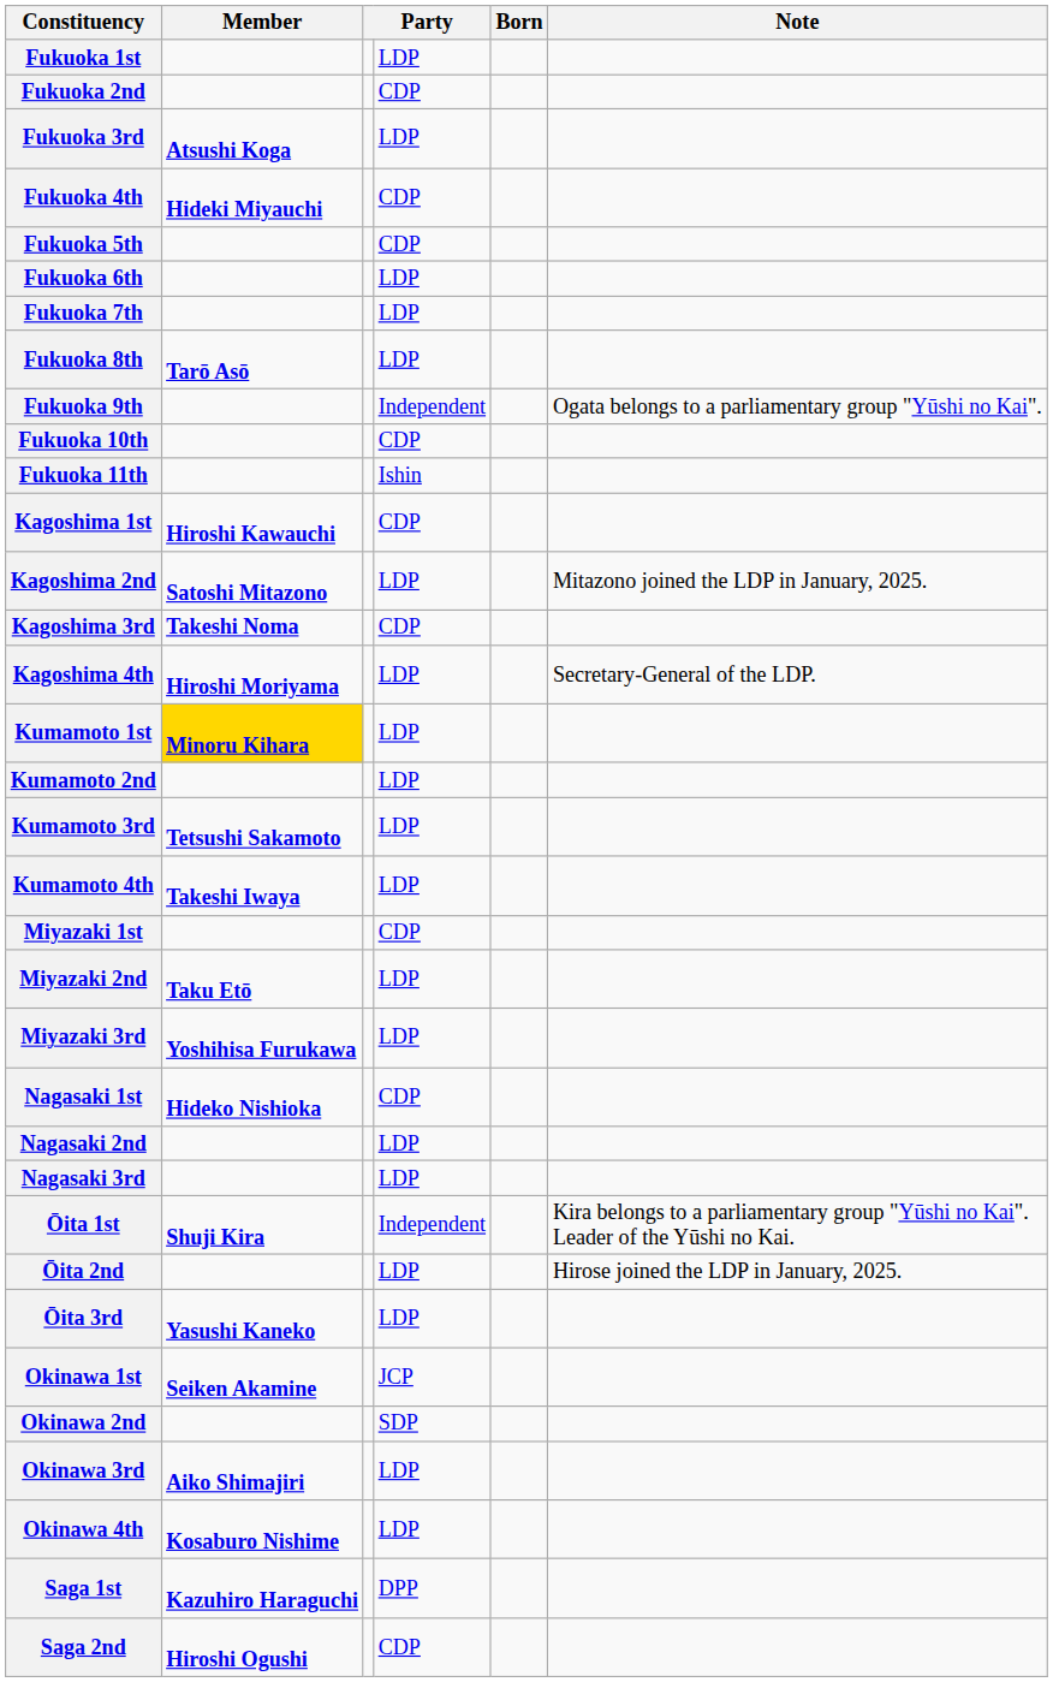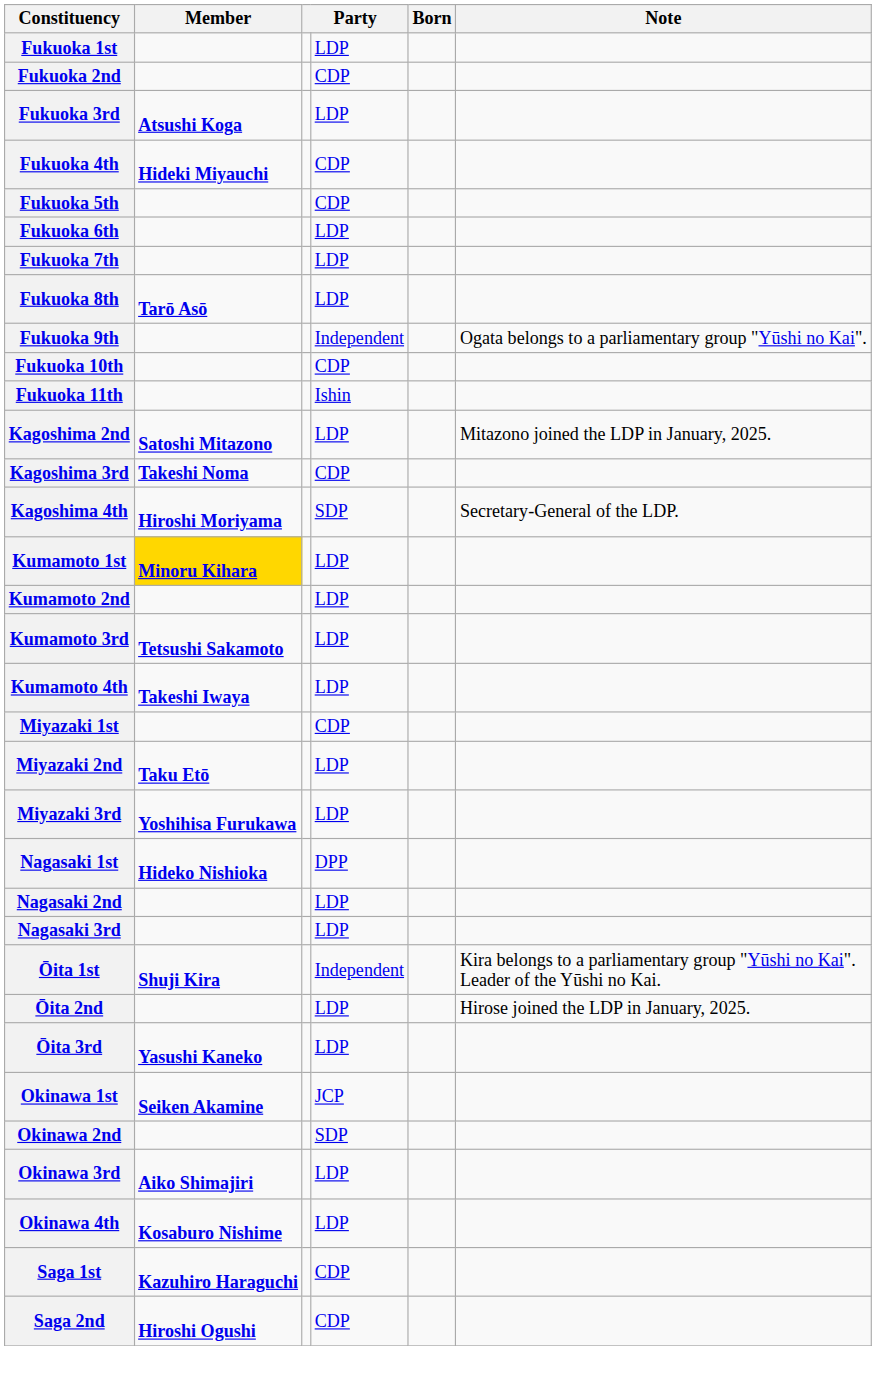 <table class="wikitable sortable plainrowheaders" id="votingmembers">
 <tr style="vertical-align:bottom">
 <th>Constituency</th>
 <th>Member</th>
 <th colspan=2>Party</th>
 <th>Born</th>
 <th>Note</th>
 </tr>
 <tr>
 <th><a href='#'>Fukuoka 1st</a></th>
 <td><br><strong></strong></td>
 <td style="background-color:"></td>
 <td><a href='#'>LDP</a></td>
 <td></td>
 <td></td>
 </tr>
 <tr>
 <th><a href='#'>Fukuoka 2nd</a></th>
 <td><br><strong></strong></td>
 <td style="background-color:"></td>
 <td><a href='#'>CDP</a></td>
 <td></td>
 <td></td>
 </tr>
 <tr>
 <th><a href='#'>Fukuoka 3rd</a></th>
 <td><br><strong><a href='#'>Atsushi Koga</a></strong></td>
 <td style="background-color:"></td>
 <td><a href='#'>LDP</a></td>
 <td></td>
 <td></td>
 </tr>
 <tr>
 <th><a href='#'>Fukuoka 4th</a></th>
 <td><br><strong><a href='#'>Hideki Miyauchi</a></strong></td>
 <td style="background-color:"></td>
 <td><a href='#'>CDP</a></td>
 <td></td>
 <td></td>
 </tr>
 <tr>
 <th><a href='#'>Fukuoka 5th</a></th>
 <td><strong></strong></td>
 <td style="background-color:"></td>
 <td><a href='#'>CDP</a></td>
 <td></td>
 <td></td>
 </tr>
 <tr>
 <th><a href='#'>Fukuoka 6th</a></th>
 <td><br><strong></strong></td>
 <td style="background-color:"></td>
 <td><a href='#'>LDP</a></td>
 <td></td>
 <td></td>
 </tr>
 <tr>
 <th><a href='#'>Fukuoka 7th</a></th>
 <td><br><strong></strong></td>
 <td style="background-color:"></td>
 <td><a href='#'>LDP</a></td>
 <td></td>
 <td></td>
 </tr>
 <tr>
 <th><a href='#'>Fukuoka 8th</a></th>
 <td><br><strong><a href='#'>Tarō Asō</a></strong></td>
 <td style="background-color:"></td>
 <td><a href='#'>LDP</a></td>
 <td></td>
 <td></td>
 </tr>
 <tr>
 <th><a href='#'>Fukuoka 9th</a></th>
 <td><strong></strong></td>
 <td style="background-color:"></td>
 <td><a href='#'>Independent</a></td>
 <td></td>
 <td>Ogata belongs to a parliamentary group "<a href='#'>Yūshi no Kai</a>".</td>
 </tr>
 <tr>
 <th><a href='#'>Fukuoka 10th</a></th>
 <td><br><strong></strong></td>
 <td style="background-color:"></td>
 <td><a href='#'>CDP</a></td>
 <td></td>
 <td></td>
 </tr>
 <tr>
 <th><a href='#'>Fukuoka 11th</a></th>
 <td><strong></strong></td>
 <td style="background-color:"></td>
 <td><a href='#'>Ishin</a></td>
 <td></td>
 <td></td>
 </tr>
 <tr>
-<th><a href='#'>Kagoshima 1st</a></th>
-<td><br><strong><a href='#'>Hiroshi Kawauchi</a></strong></td>
-<td style="background-color:"></td>
-<td><a href='#'>CDP</a></td>
-<td></td>
-<td></td>
-</tr>
-<tr>
 <th><a href='#'>Kagoshima 2nd</a></th>
 <td><br><strong><a href='#'>Satoshi Mitazono</a></strong></td>
 <td style="background-color:"></td>
 <td><a href='#'>LDP</a></td>
 <td></td>
 <td>Mitazono joined the LDP in January, 2025.</td>
 </tr>
 <tr>
 <th><a href='#'>Kagoshima 3rd</a></th>
 <td><strong><a href='#'>Takeshi Noma</a></strong></td>
 <td style="background-color:"></td>
 <td><a href='#'>CDP</a></td>
 <td></td>
 <td></td>
 </tr>
 <tr>
 <th><a href='#'>Kagoshima 4th</a></th>
 <td><br><strong><a href='#'>Hiroshi Moriyama</a></strong></td>
 <td style="background-color:"></td>
-<td><a href='#'>LDP</a></td>
+<td><a href='#'>SDP</a></td>
 <td></td>
 <td>Secretary-General of the LDP.</td>
 </tr>
 <tr>
 <th><a href='#'>Kumamoto 1st</a></th>
 <td style="background: gold;"><br><strong><a href='#'>Minoru Kihara</a></strong></td>
 <td style="background-color:"></td>
 <td><a href='#'>LDP</a></td>
 <td></td>
 <td></td>
 </tr>
 <tr>
 <th><a href='#'>Kumamoto 2nd</a></th>
 <td><br><strong></strong></td>
 <td style="background-color:"></td>
 <td><a href='#'>LDP</a></td>
 <td></td>
 <td></td>
 </tr>
 <tr>
 <th><a href='#'>Kumamoto 3rd</a></th>
 <td><br><strong><a href='#'>Tetsushi Sakamoto</a></strong></td>
 <td style="background-color:"></td>
 <td><a href='#'>LDP</a></td>
 <td></td>
 <td></td>
 </tr>
 <tr>
 <th><a href='#'>Kumamoto 4th</a></th>
 <td><br><strong><a href='#'>Takeshi Iwaya</a></strong></td>
 <td style="background-color:"></td>
 <td><a href='#'>LDP</a></td>
 <td></td>
 <td></td>
 </tr>
 <tr>
 <th><a href='#'>Miyazaki 1st</a></th>
 <td><strong></strong></td>
 <td style="background-color:"></td>
 <td><a href='#'>CDP</a></td>
 <td></td>
 <td></td>
 </tr>
 <tr>
 <th><a href='#'>Miyazaki 2nd</a></th>
 <td><br><strong><a href='#'>Taku Etō</a></strong></td>
 <td style="background-color:"></td>
 <td><a href='#'>LDP</a></td>
 <td></td>
 <td></td>
 </tr>
 <tr>
 <th><a href='#'>Miyazaki 3rd</a></th>
 <td><br><strong><a href='#'>Yoshihisa Furukawa</a></strong></td>
 <td style="background-color:"></td>
 <td><a href='#'>LDP</a></td>
 <td></td>
 <td></td>
 </tr>
 <tr>
 <th><a href='#'>Nagasaki 1st</a></th>
 <td><br><strong><a href='#'>Hideko Nishioka</a></strong></td>
 <td style="background-color:"></td>
-<td><a href='#'>CDP</a></td>
+<td><a href='#'>DPP</a></td>
 <td></td>
 <td></td>
 </tr>
 <tr>
 <th><a href='#'>Nagasaki 2nd</a></th>
 <td><br><strong></strong></td>
 <td style="background-color:"></td>
 <td><a href='#'>LDP</a></td>
 <td></td>
 <td></td>
 </tr>
 <tr>
 <th><a href='#'>Nagasaki 3rd</a></th>
 <td><br><strong></strong></td>
 <td style="background-color:"></td>
 <td><a href='#'>LDP</a></td>
 <td></td>
 <td></td>
 </tr>
 <tr>
 <th><a href='#'>Ōita 1st</a></th>
 <td><br><strong><a href='#'>Shuji Kira</a></strong></td>
 <td style="background-color:"></td>
 <td><a href='#'>Independent</a></td>
 <td></td>
 <td>Kira belongs to a parliamentary group "<a href='#'>Yūshi no Kai</a>".<br>Leader of the Yūshi no Kai.</td>
 </tr>
 <tr>
 <th><a href='#'>Ōita 2nd</a></th>
 <td><strong></strong></td>
 <td style="background-color:"></td>
 <td><a href='#'>LDP</a></td>
 <td></td>
 <td>Hirose joined the LDP in January, 2025.</td>
 </tr>
 <tr>
 <th><a href='#'>Ōita 3rd</a></th>
 <td><br><strong><a href='#'>Yasushi Kaneko</a></strong></td>
 <td style="background-color:"></td>
 <td><a href='#'>LDP</a></td>
 <td></td>
 <td></td>
 </tr>
 <tr>
 <th><a href='#'>Okinawa 1st</a></th>
 <td><br><strong><a href='#'>Seiken Akamine</a></strong></td>
 <td style="background-color:"></td>
 <td><a href='#'>JCP</a></td>
 <td></td>
 <td></td>
 </tr>
 <tr>
 <th><a href='#'>Okinawa 2nd</a></th>
 <td><br><strong></strong></td>
 <td style="background-color:"></td>
 <td><a href='#'>SDP</a></td>
 <td></td>
 <td></td>
 </tr>
 <tr>
 <th><a href='#'>Okinawa 3rd</a></th>
 <td><br><strong><a href='#'>Aiko Shimajiri</a></strong></td>
 <td style="background-color:"></td>
 <td><a href='#'>LDP</a></td>
 <td></td>
 <td></td>
 </tr>
 <tr>
 <th><a href='#'>Okinawa 4th</a></th>
 <td><br><strong><a href='#'>Kosaburo Nishime</a></strong></td>
 <td style="background-color:"></td>
 <td><a href='#'>LDP</a></td>
 <td></td>
 <td></td>
 </tr>
 <tr>
 <th><a href='#'>Saga 1st</a></th>
 <td><br><strong><a href='#'>Kazuhiro Haraguchi</a></strong></td>
 <td style="background-color:"></td>
-<td><a href='#'>DPP</a></td>
+<td><a href='#'>CDP</a></td>
 <td></td>
 <td></td>
 </tr>
 <tr>
 <th><a href='#'>Saga 2nd</a></th>
 <td><br><strong><a href='#'>Hiroshi Ogushi</a></strong></td>
 <td style="background-color:"></td>
 <td><a href='#'>CDP</a></td>
 <td></td>
 <td></td>
 </tr>
 </table>
